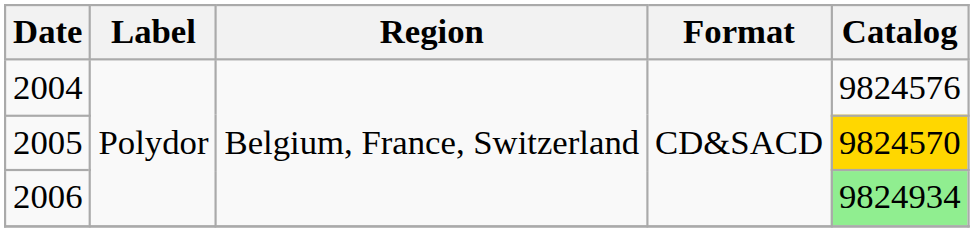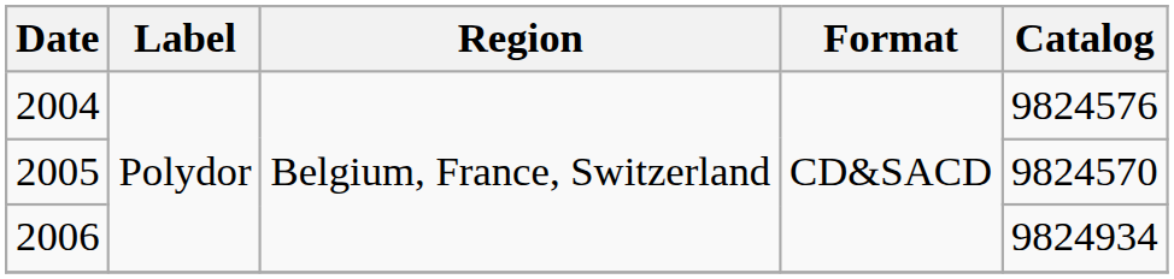 <table class="wikitable">
 <tr>
 <th>Date</th>
 <th>Label</th>
 <th>Region</th>
 <th>Format</th>
 <th>Catalog</th>
 </tr>
 <tr>
 <td align=center>2004</td>
 <td rowspan=3 align=center>Polydor</td>
 <td rowspan=3 align=center>Belgium, France, Switzerland</td>
 <td rowspan=3 align=center>CD&SACD</td>
 <td align=center>9824576</td>
 </tr>
 <tr>
 <td align=center>2005</td>
-<td align=center style="background: gold;">9824570</td>
+<td align=center>9824570</td>
 </tr>
 <tr>
 <td align=center>2006</td>
-<td align=center style="background: lightgreen;">9824934</td>
+<td align=center>9824934</td>
 </tr>
 <tr>
 </tr>
 </table>
